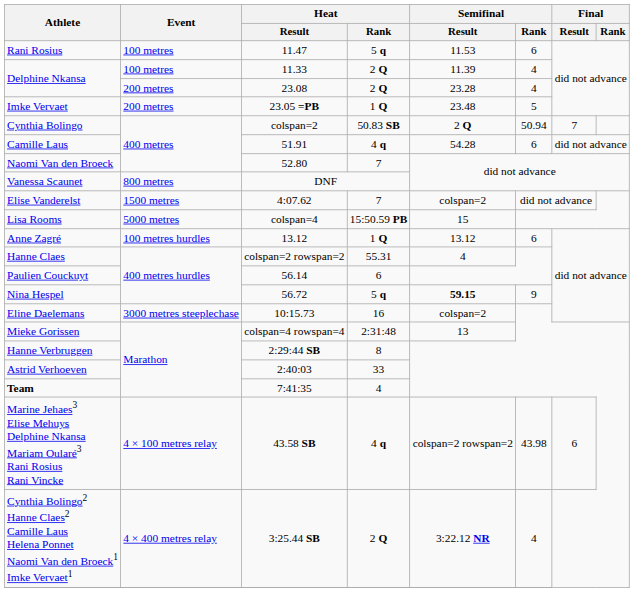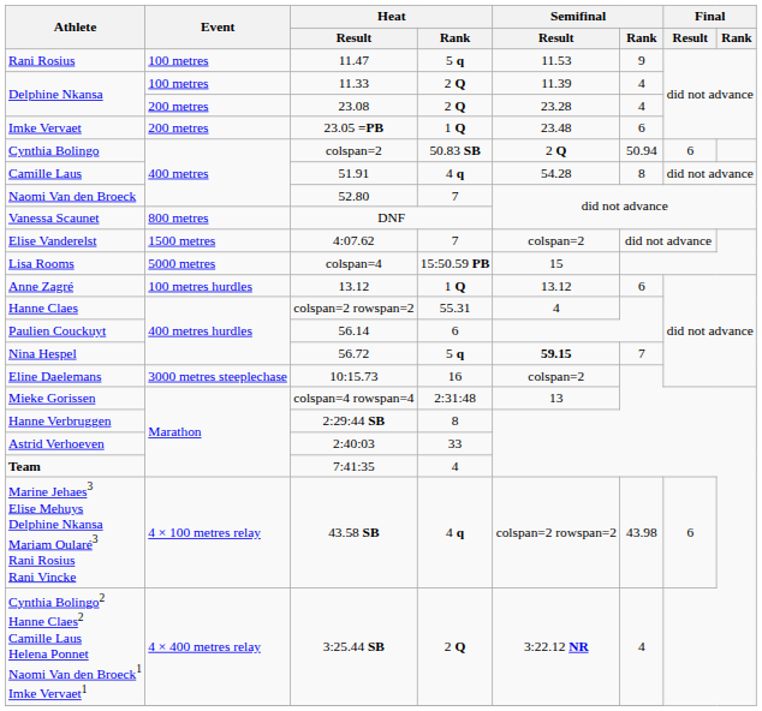 <table class=wikitable style=font-size:90%>
 <tr>
 <th rowspan=2>Athlete</th>
 <th rowspan=2>Event</th>
 <th colspan=2>Heat</th>
 <th colspan=2>Semifinal</th>
 <th colspan=2>Final</th>
 </tr>
 <tr style=font-size:95%>
 <th>Result</th>
 <th>Rank</th>
 <th>Result</th>
 <th>Rank</th>
 <th>Result</th>
 <th>Rank</th>
 </tr>
 <tr align=center>
 <td align=left><a href='#'>Rani Rosius</a></td>
 <td align=left><a href='#'>100 metres</a></td>
 <td>11.47</td>
 <td>5 <strong>q</strong></td>
 <td>11.53</td>
-<td>6</td>
+<td>9</td>
 <td colspan=2 rowspan=4>did not advance</td>
 </tr>
 <tr align=center>
 <td align=left rowspan=2><a href='#'>Delphine Nkansa</a></td>
 <td align=left><a href='#'>100 metres</a></td>
 <td>11.33</td>
 <td>2 <strong>Q</strong></td>
 <td>11.39</td>
 <td>4</td>
 </tr>
 <tr align=center>
 <td align=left><a href='#'>200 metres</a></td>
 <td>23.08</td>
 <td>2 <strong>Q</strong></td>
 <td>23.28</td>
 <td>4</td>
 </tr>
 <tr align=center>
 <td align=left><a href='#'>Imke Vervaet</a></td>
 <td align=left><a href='#'>200 metres</a></td>
 <td>23.05 <strong>=PB</strong></td>
 <td>1 <strong>Q</strong></td>
 <td>23.48</td>
-<td>5</td>
+<td>6</td>
 </tr>
 <tr align=center>
 <td align=left><a href='#'>Cynthia Bolingo</a></td>
 <td align=left rowspan=3><a href='#'>400 metres</a></td>
 <td>colspan=2</td>
 <td>50.83 <strong>SB</strong></td>
 <td>2 <strong>Q</strong></td>
 <td>50.94</td>
-<td>7</td>
+<td>6</td>
 </tr>
 <tr align=center>
 <td align=left><a href='#'>Camille Laus</a></td>
 <td>51.91</td>
 <td>4 <strong>q</strong></td>
 <td>54.28</td>
-<td>6</td>
+<td>8</td>
 <td colspan=2>did not advance</td>
 </tr>
 <tr align=center>
 <td align=left><a href='#'>Naomi Van den Broeck</a></td>
 <td>52.80</td>
 <td>7</td>
 <td colspan=4 rowspan=2>did not advance</td>
 </tr>
 <tr align=center>
 <td align=left><a href='#'>Vanessa Scaunet</a></td>
 <td align=left><a href='#'>800 metres</a></td>
 <td colspan=2>DNF</td>
 </tr>
 <tr align=center>
 <td align=left><a href='#'>Elise Vanderelst</a></td>
 <td align=left><a href='#'>1500 metres</a></td>
 <td>4:07.62</td>
 <td>7</td>
 <td>colspan=2</td>
 <td colspan=2>did not advance</td>
 </tr>
 <tr align=center>
 <td align=left><a href='#'>Lisa Rooms</a></td>
 <td align=left><a href='#'>5000 metres</a></td>
 <td>colspan=4</td>
 <td>15:50.59 <strong>PB</strong></td>
 <td>15</td>
 </tr>
 <tr align=center>
 <td align=left><a href='#'>Anne Zagré</a></td>
 <td align=left><a href='#'>100 metres hurdles</a></td>
 <td>13.12</td>
 <td>1 <strong>Q</strong></td>
 <td>13.12</td>
 <td>6</td>
 <td colspan=2 rowspan=5>did not advance</td>
 </tr>
 <tr align=center>
 <td align=left><a href='#'>Hanne Claes</a></td>
 <td align=left rowspan=3><a href='#'>400 metres hurdles</a></td>
 <td>colspan=2 rowspan=2</td>
 <td>55.31</td>
 <td>4</td>
 </tr>
 <tr align=center>
 <td align=left><a href='#'>Paulien Couckuyt</a></td>
 <td>56.14</td>
 <td>6</td>
 </tr>
 <tr align=center>
 <td align=left><a href='#'>Nina Hespel</a></td>
 <td>56.72</td>
 <td>5 <strong>q</strong></td>
 <td><strong>59.15</strong></td>
-<td>9</td>
+<td>7</td>
 </tr>
 <tr align=center>
 <td align=left><a href='#'>Eline Daelemans</a></td>
 <td align=left><a href='#'>3000 metres steeplechase</a></td>
 <td>10:15.73</td>
 <td>16</td>
 <td>colspan=2</td>
 </tr>
 <tr align=center>
 <td align=left><a href='#'>Mieke Gorissen</a></td>
 <td align=left rowspan=4><a href='#'>Marathon</a></td>
 <td>colspan=4 rowspan=4</td>
 <td>2:31:48</td>
 <td>13</td>
 </tr>
 <tr align=center>
 <td align=left><a href='#'>Hanne Verbruggen</a></td>
 <td>2:29:44 <strong>SB</strong></td>
 <td>8</td>
 </tr>
 <tr align=center>
 <td align=left><a href='#'>Astrid Verhoeven</a></td>
 <td>2:40:03</td>
 <td>33</td>
 </tr>
 <tr align=center>
 <td align=left><strong>Team</strong></td>
 <td>7:41:35</td>
 <td>4</td>
 </tr>
 <tr align=center>
 <td align=left><a href='#'>Marine Jehaes</a><sup>3</sup><br><a href='#'>Elise Mehuys</a><br><a href='#'>Delphine Nkansa</a><br><a href='#'>Mariam Oularé</a><sup>3</sup><br><a href='#'>Rani Rosius</a><br><a href='#'>Rani Vincke</a></td>
 <td align=left><a href='#'>4 × 100 metres relay</a></td>
 <td>43.58 <strong>SB</strong></td>
 <td>4 <strong>q</strong></td>
 <td>colspan=2 rowspan=2</td>
 <td>43.98</td>
 <td>6</td>
 </tr>
 <tr align=center>
 <td align=left><a href='#'>Cynthia Bolingo</a><sup>2</sup><br><a href='#'>Hanne Claes</a><sup>2</sup><br><a href='#'>Camille Laus</a><br><a href='#'>Helena Ponnet</a><br><a href='#'>Naomi Van den Broeck</a><sup>1</sup><br><a href='#'>Imke Vervaet</a><sup>1</sup></td>
 <td align=left><a href='#'>4 × 400 metres relay</a></td>
 <td>3:25.44 <strong>SB</strong></td>
 <td>2 <strong>Q</strong></td>
 <td>3:22.12 <strong><a href='#'>NR</a></strong></td>
 <td>4</td>
 </tr>
 <tr align=center>
 </tr>
 </table>
